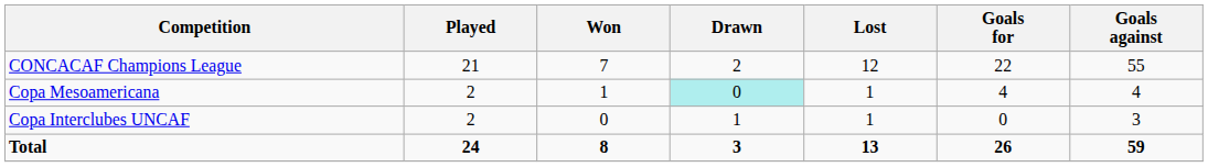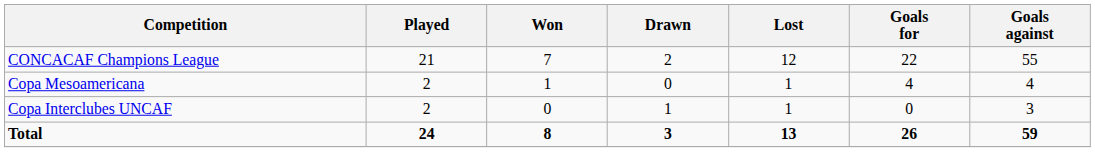 <table class="sortable wikitable" width=70%>
 <tr>
 <th width=30%>Competition</th>
 <th width=10%>Played</th>
 <th width=10%>Won</th>
 <th width=10%>Drawn</th>
 <th width=10%>Lost</th>
 <th width=10%>Goals<br>for</th>
 <th width=10%>Goals<br>against</th>
 </tr>
 <tr>
 <td><a href='#'>CONCACAF Champions League</a></td>
 <td align=center>21</td>
 <td align=center>7</td>
 <td align=center>2</td>
 <td align=center>12</td>
 <td align=center>22</td>
 <td align=center>55</td>
 </tr>
 <tr>
 <td><a href='#'>Copa Mesoamericana</a></td>
 <td align=center>2</td>
 <td align=center>1</td>
-<td align=center style="background: paleturquoise;">0</td>
+<td align=center>0</td>
 <td align=center>1</td>
 <td align=center>4</td>
 <td align=center>4</td>
 </tr>
 <tr>
 <td><a href='#'>Copa Interclubes UNCAF</a></td>
 <td align=center>2</td>
 <td align=center>0</td>
 <td align=center>1</td>
 <td align=center>1</td>
 <td align=center>0</td>
 <td align=center>3</td>
 </tr>
 <tr class="sortbottom">
 <td><strong>Total</strong></td>
 <td align=center><strong>24</strong></td>
 <td align=center><strong>8</strong></td>
 <td align=center><strong>3</strong></td>
 <td align=center><strong>13</strong></td>
 <td align=center><strong>26</strong></td>
 <td align=center><strong>59</strong></td>
 </tr>
 <tr>
 </tr>
 </table>
